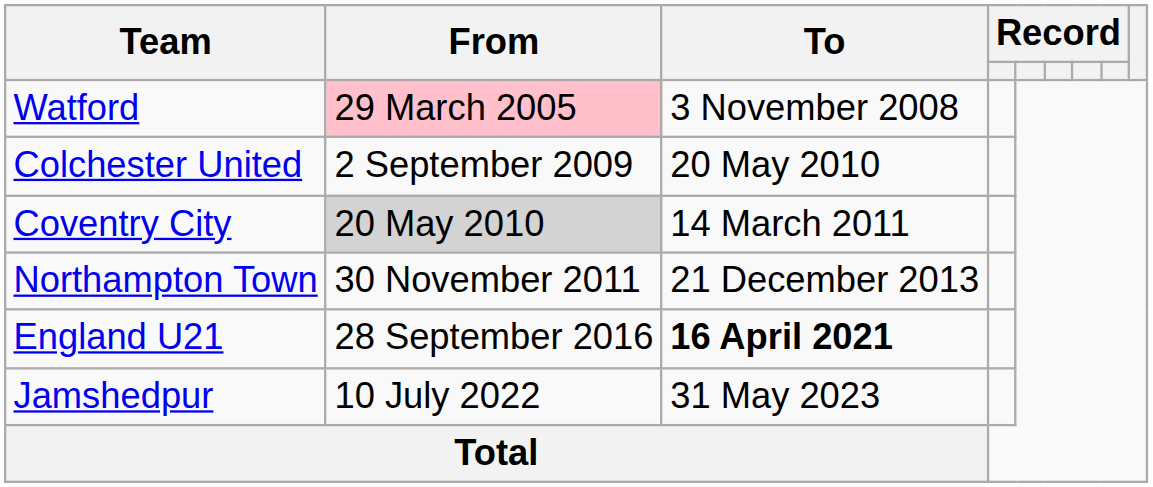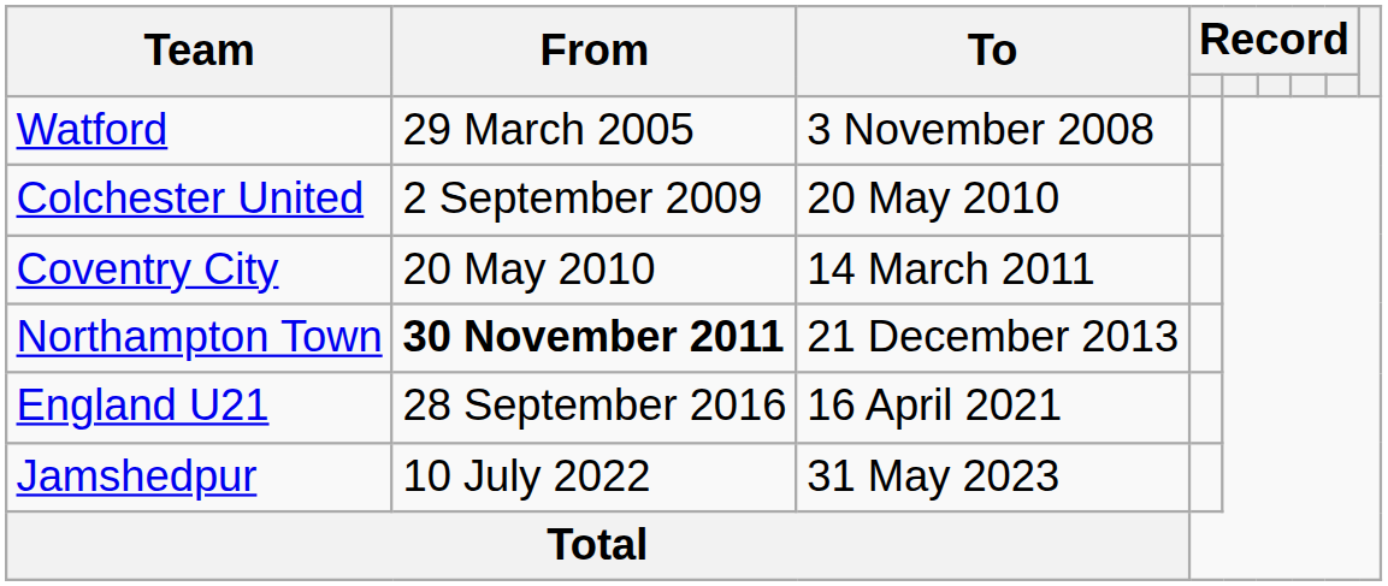 <table class=wikitable style="text-align: center">
 <tr>
 <th rowspan=2>Team</th>
 <th rowspan=2>From</th>
 <th rowspan=2>To</th>
 <th colspan=5>Record</th>
 <th rowspan=2></th>
 </tr>
 <tr>
 <th></th>
 <th></th>
 <th></th>
 <th></th>
 <th></th>
 </tr>
 <tr>
 <td align=left><a href='#'>Watford</a></td>
-<td align=left style="background: pink;">29 March 2005</td>
+<td align=left>29 March 2005</td>
 <td align=left>3 November 2008<br></td>
 <td></td>
 </tr>
 <tr>
 <td align=left><a href='#'>Colchester United</a></td>
 <td align=left>2 September 2009</td>
 <td align=left>20 May 2010<br></td>
 <td></td>
 </tr>
 <tr>
 <td align=left><a href='#'>Coventry City</a></td>
-<td align=left style="background: lightgrey;">20 May 2010</td>
+<td align=left>20 May 2010</td>
 <td align=left>14 March 2011<br></td>
 <td></td>
 </tr>
 <tr>
 <td align=left><a href='#'>Northampton Town</a></td>
-<td align=left>30 November 2011</td>
+<td align=left><strong>30 November 2011</strong></td>
 <td align=left>21 December 2013<br></td>
 <td></td>
 </tr>
 <tr>
 <td align=left><a href='#'>England U21</a></td>
 <td align=left>28 September 2016</td>
-<td align=left><strong>16 April 2021<br></strong></td>
+<td align=left>16 April 2021<br></td>
 <td></td>
 </tr>
 <tr>
 <td align=left><a href='#'>Jamshedpur</a></td>
 <td align=left>10 July 2022</td>
 <td align=left>31 May 2023<br></td>
 <td></td>
 </tr>
 <tr>
 <th colspan=3>Total<br></th>
 </tr>
 </table>
